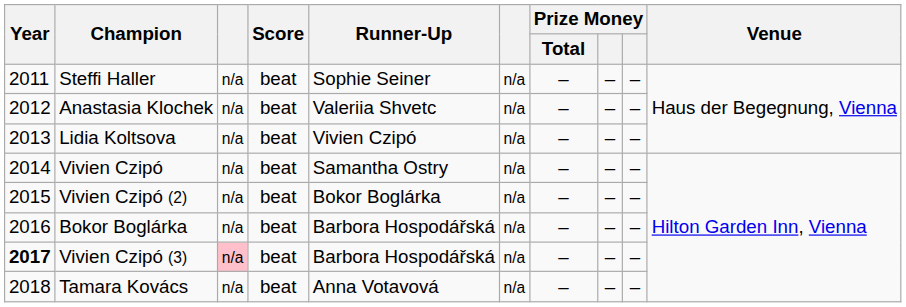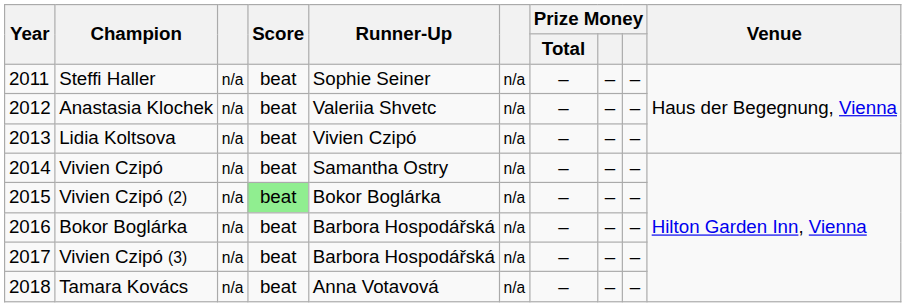 <table class="wikitable sortable">
 <tr>
 <th rowspan=2>Year</th>
 <th rowspan=2>Champion</th>
 <th rowspan=2></th>
 <th rowspan=2>Score</th>
 <th rowspan=2>Runner-Up</th>
 <th rowspan=2></th>
 <th colspan=3>Prize Money</th>
 <th rowspan=2>Venue</th>
 </tr>
 <tr>
 <th>Total</th>
 <th></th>
 <th></th>
 </tr>
 <tr>
 <td>2011</td>
 <td> Steffi Haller</td>
 <td align=center><small><span>n/a</span></small></td>
 <td align=center>beat</td>
 <td> Sophie Seiner</td>
 <td align=center><small><span>n/a</span></small></td>
 <td align=center>–</td>
 <td align=center>–</td>
 <td align=center>–</td>
 <td rowspan=3>Haus der Begegnung, <a href='#'>Vienna</a></td>
 </tr>
 <tr>
 <td>2012</td>
 <td> Anastasia Klochek</td>
 <td align=center><small><span>n/a</span></small></td>
 <td align=center>beat</td>
 <td> Valeriia Shvetc</td>
 <td align=center><small><span>n/a</span></small></td>
 <td align=center>–</td>
 <td align=center>–</td>
 <td align=center>–</td>
 </tr>
 <tr>
 <td>2013</td>
 <td> Lidia Koltsova</td>
 <td align=center><small><span>n/a</span></small></td>
 <td align=center>beat</td>
 <td> Vivien Czipó</td>
 <td align=center><small><span>n/a</span></small></td>
 <td align=center>–</td>
 <td align=center>–</td>
 <td align=center>–</td>
 </tr>
 <tr>
 <td>2014</td>
 <td> Vivien Czipó</td>
 <td align=center><small><span>n/a</span></small></td>
 <td align=center>beat</td>
 <td> Samantha Ostry</td>
 <td align=center><small><span>n/a</span></small></td>
 <td align=center>–</td>
 <td align=center>–</td>
 <td align=center>–</td>
 <td rowspan=5><a href='#'>Hilton Garden Inn</a>, <a href='#'>Vienna</a></td>
 </tr>
 <tr>
 <td>2015</td>
 <td> Vivien Czipó <small>(2)</small></td>
 <td align=center><small><span>n/a</span></small></td>
-<td align=center>beat</td>
+<td align=center style="background: lightgreen;">beat</td>
 <td> Bokor Boglárka</td>
 <td align=center><small><span>n/a</span></small></td>
 <td align=center>–</td>
 <td align=center>–</td>
 <td align=center>–</td>
 </tr>
 <tr>
 <td>2016</td>
 <td> Bokor Boglárka</td>
 <td align=center><small><span>n/a</span></small></td>
 <td align=center>beat</td>
 <td> Barbora Hospodářská</td>
 <td align=center><small><span>n/a</span></small></td>
 <td align=center>–</td>
 <td align=center>–</td>
 <td align=center>–</td>
 </tr>
 <tr>
-<td><strong>2017</strong></td>
+<td>2017</td>
 <td> Vivien Czipó <small>(3)</small></td>
-<td align=center style="background: pink;"><small><span>n/a</span></small></td>
+<td align=center><small><span>n/a</span></small></td>
 <td align=center>beat</td>
 <td> Barbora Hospodářská</td>
 <td align=center><small><span>n/a</span></small></td>
 <td align=center>–</td>
 <td align=center>–</td>
 <td align=center>–</td>
 </tr>
 <tr>
 <td>2018</td>
 <td> Tamara Kovács</td>
 <td align=center><small><span>n/a</span></small></td>
 <td align=center>beat</td>
 <td> Anna Votavová</td>
 <td align=center><small><span>n/a</span></small></td>
 <td align=center>–</td>
 <td align=center>–</td>
 <td align=center>–</td>
 </tr>
 </table>
